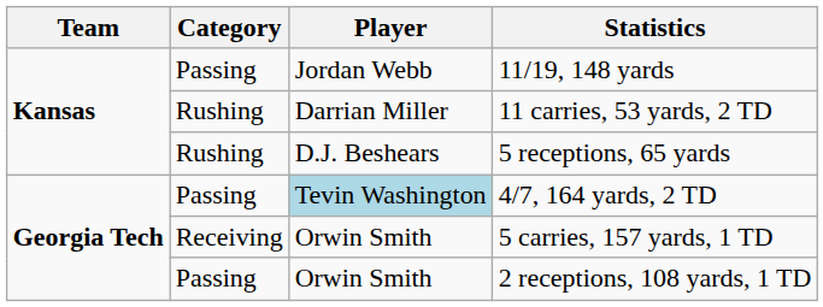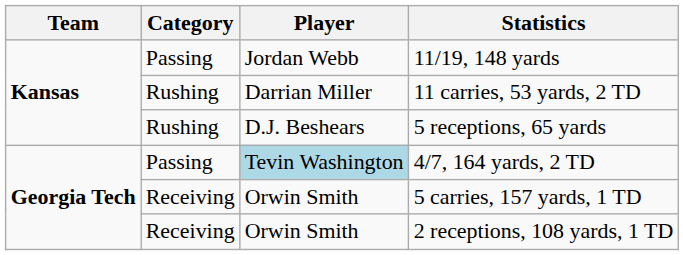 <table class="wikitable" style="float: right;">
 <tr>
 <th>Team</th>
 <th>Category</th>
 <th>Player</th>
 <th>Statistics</th>
 </tr>
 <tr>
 <td rowspan=3><strong>Kansas</strong></td>
 <td>Passing</td>
 <td>Jordan Webb</td>
 <td>11/19, 148 yards</td>
 </tr>
 <tr>
 <td>Rushing</td>
 <td>Darrian Miller</td>
 <td>11 carries, 53 yards, 2 TD</td>
 </tr>
 <tr>
 <td>Rushing</td>
 <td>D.J. Beshears</td>
 <td>5 receptions, 65 yards</td>
 </tr>
 <tr>
 <td rowspan=3><strong>Georgia Tech</strong></td>
 <td>Passing</td>
 <td style="background: lightblue;">Tevin Washington</td>
 <td>4/7, 164 yards, 2 TD</td>
 </tr>
 <tr>
 <td>Receiving</td>
 <td>Orwin Smith</td>
 <td>5 carries, 157 yards, 1 TD</td>
 </tr>
 <tr>
-<td>Passing</td>
+<td>Receiving</td>
 <td>Orwin Smith</td>
 <td>2 receptions, 108 yards, 1 TD</td>
 </tr>
 </table>
